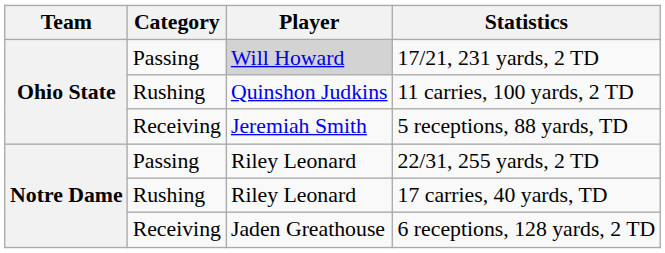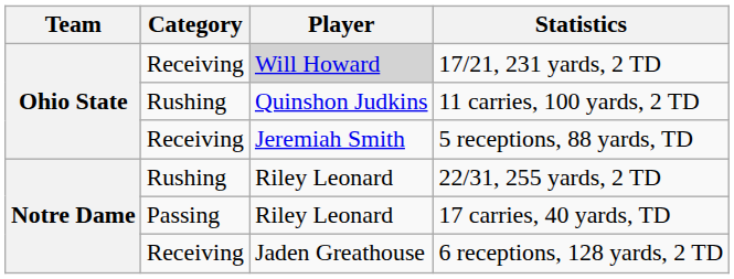 <table class="wikitable" style="float:right">
 <tr>
 <th>Team</th>
 <th>Category</th>
 <th>Player</th>
 <th>Statistics</th>
 </tr>
 <tr>
 <th rowspan=3>Ohio State</th>
-<td>Passing</td>
+<td>Receiving</td>
 <td style="background: lightgrey;"><a href='#'>Will Howard</a></td>
 <td>17/21, 231 yards, 2 TD</td>
 </tr>
 <tr>
 <td>Rushing</td>
 <td><a href='#'>Quinshon Judkins</a></td>
 <td>11 carries, 100 yards, 2 TD</td>
 </tr>
 <tr>
 <td>Receiving</td>
 <td><a href='#'>Jeremiah Smith</a></td>
 <td>5 receptions, 88 yards, TD</td>
 </tr>
 <tr>
 <th rowspan=3>Notre Dame</th>
-<td>Passing</td>
+<td>Rushing</td>
 <td>Riley Leonard</td>
 <td>22/31, 255 yards, 2 TD</td>
 </tr>
 <tr>
-<td>Rushing</td>
+<td>Passing</td>
 <td>Riley Leonard</td>
 <td>17 carries, 40 yards, TD</td>
 </tr>
 <tr>
 <td>Receiving</td>
 <td>Jaden Greathouse</td>
 <td>6 receptions, 128 yards, 2 TD</td>
 </tr>
 </table>
